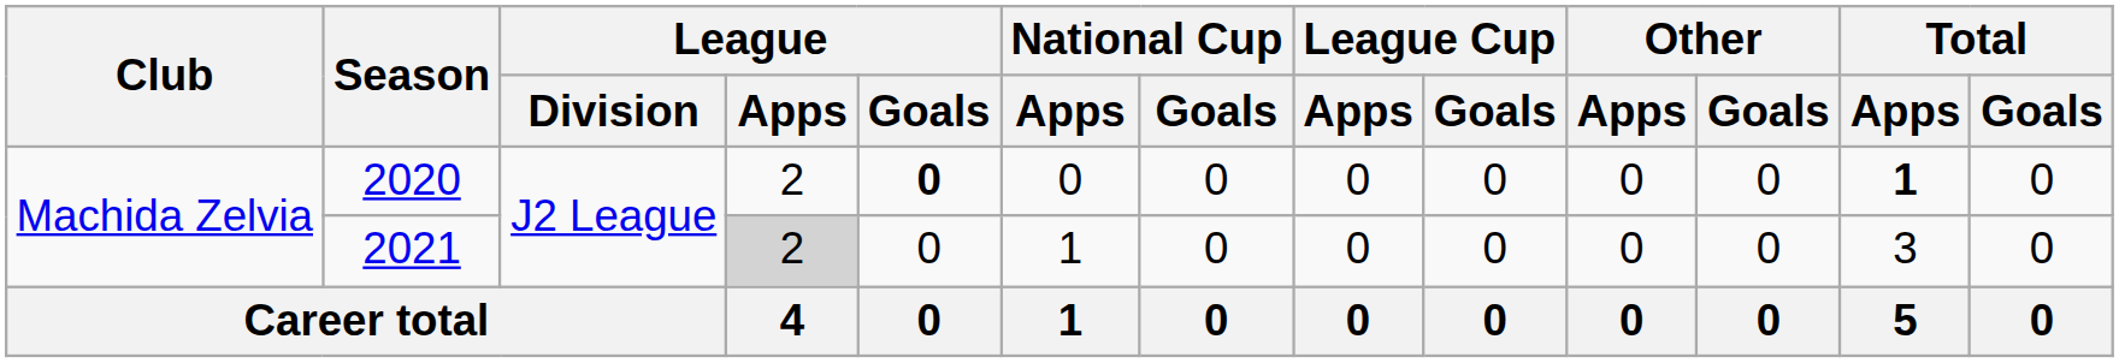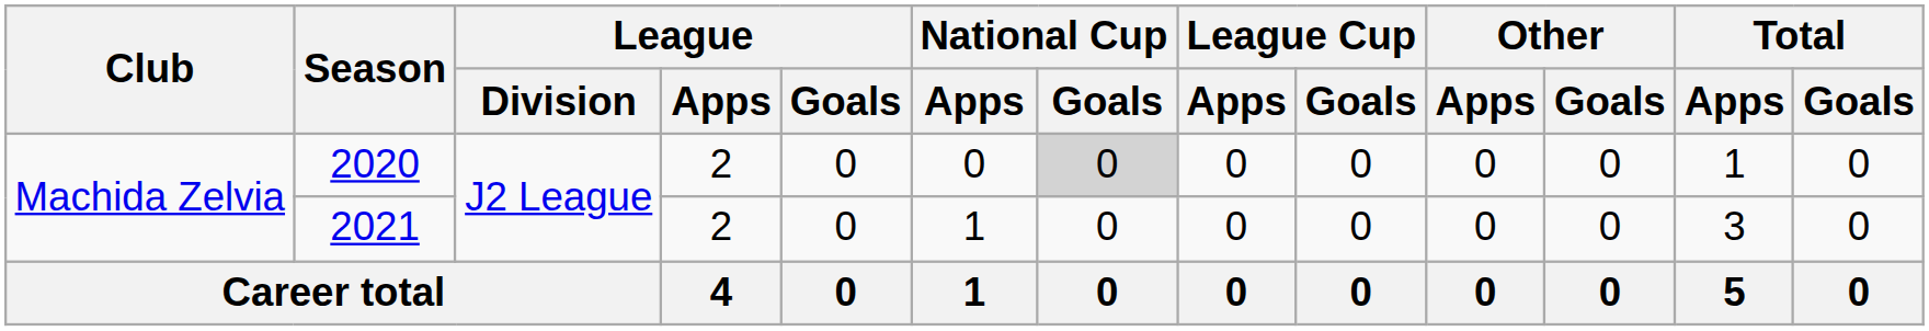 <table class="wikitable" style="text-align: center">
 <tr>
 <th rowspan="2">Club</th>
 <th rowspan="2">Season</th>
 <th colspan="3">League</th>
 <th colspan="2">National Cup</th>
 <th colspan="2">League Cup</th>
 <th colspan="2">Other</th>
 <th colspan="2">Total</th>
 </tr>
 <tr>
 <th>Division</th>
 <th>Apps</th>
 <th>Goals</th>
 <th>Apps</th>
 <th>Goals</th>
 <th>Apps</th>
 <th>Goals</th>
 <th>Apps</th>
 <th>Goals</th>
 <th>Apps</th>
 <th>Goals</th>
 </tr>
 <tr>
 <td rowspan="2"><a href='#'>Machida Zelvia</a></td>
 <td><a href='#'>2020</a></td>
 <td rowspan="2"><a href='#'>J2 League</a></td>
 <td>2</td>
-<td><strong>0</strong></td>
+<td>0</td>
+<td>0</td>
+<td style="background: lightgrey;">0</td>
 <td>0</td>
 <td>0</td>
 <td>0</td>
 <td>0</td>
-<td>0</td>
-<td>0</td>
-<td><strong>1</strong></td>
+<td>1</td>
 <td>0</td>
 </tr>
 <tr>
 <td><a href='#'>2021</a></td>
-<td style="background: lightgrey;">2</td>
+<td>2</td>
 <td>0</td>
 <td>1</td>
 <td>0</td>
 <td>0</td>
 <td>0</td>
 <td>0</td>
 <td>0</td>
 <td>3</td>
 <td>0</td>
 </tr>
 <tr>
 <th colspan=3>Career total</th>
 <th>4</th>
 <th>0</th>
 <th>1</th>
 <th>0</th>
 <th>0</th>
 <th>0</th>
 <th>0</th>
 <th>0</th>
 <th>5</th>
 <th>0</th>
 </tr>
 </table>
